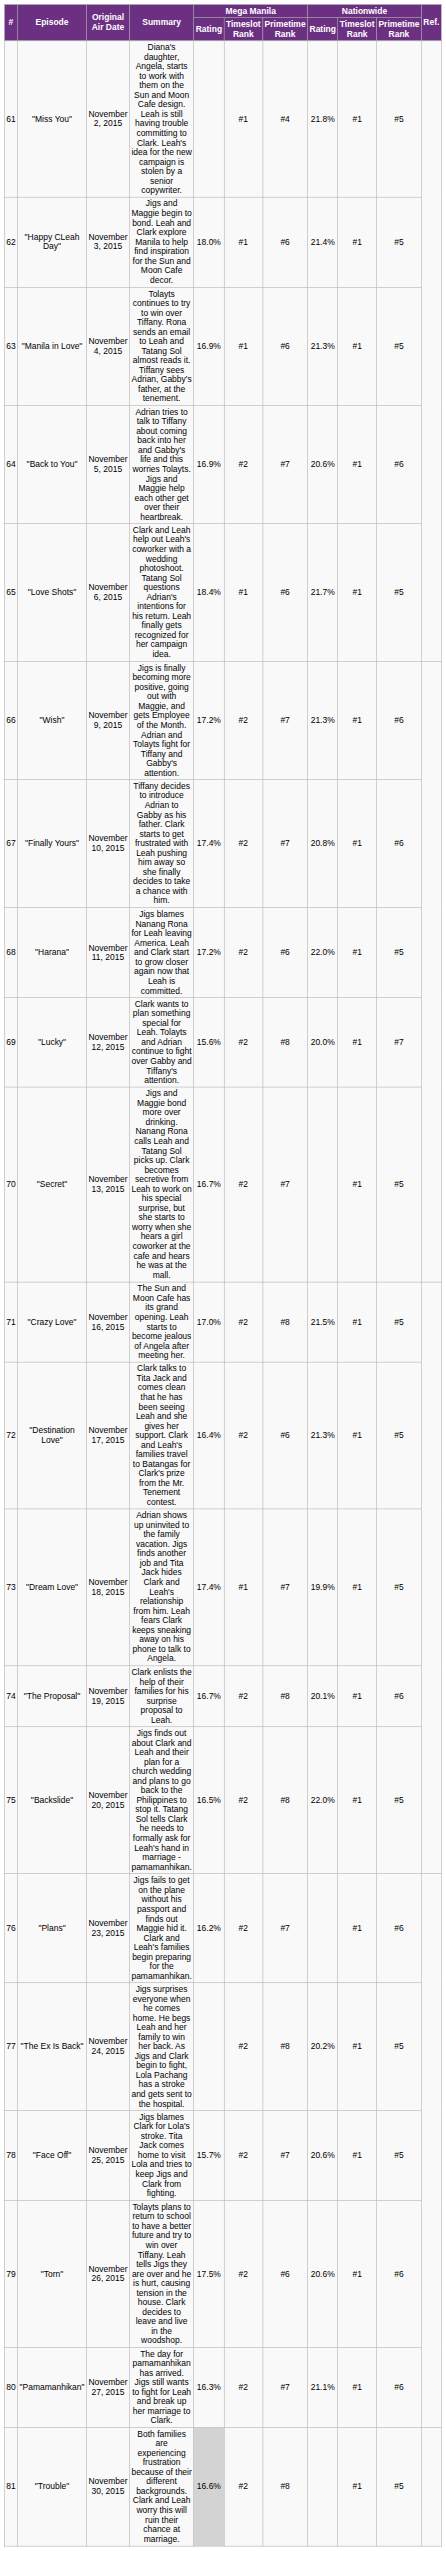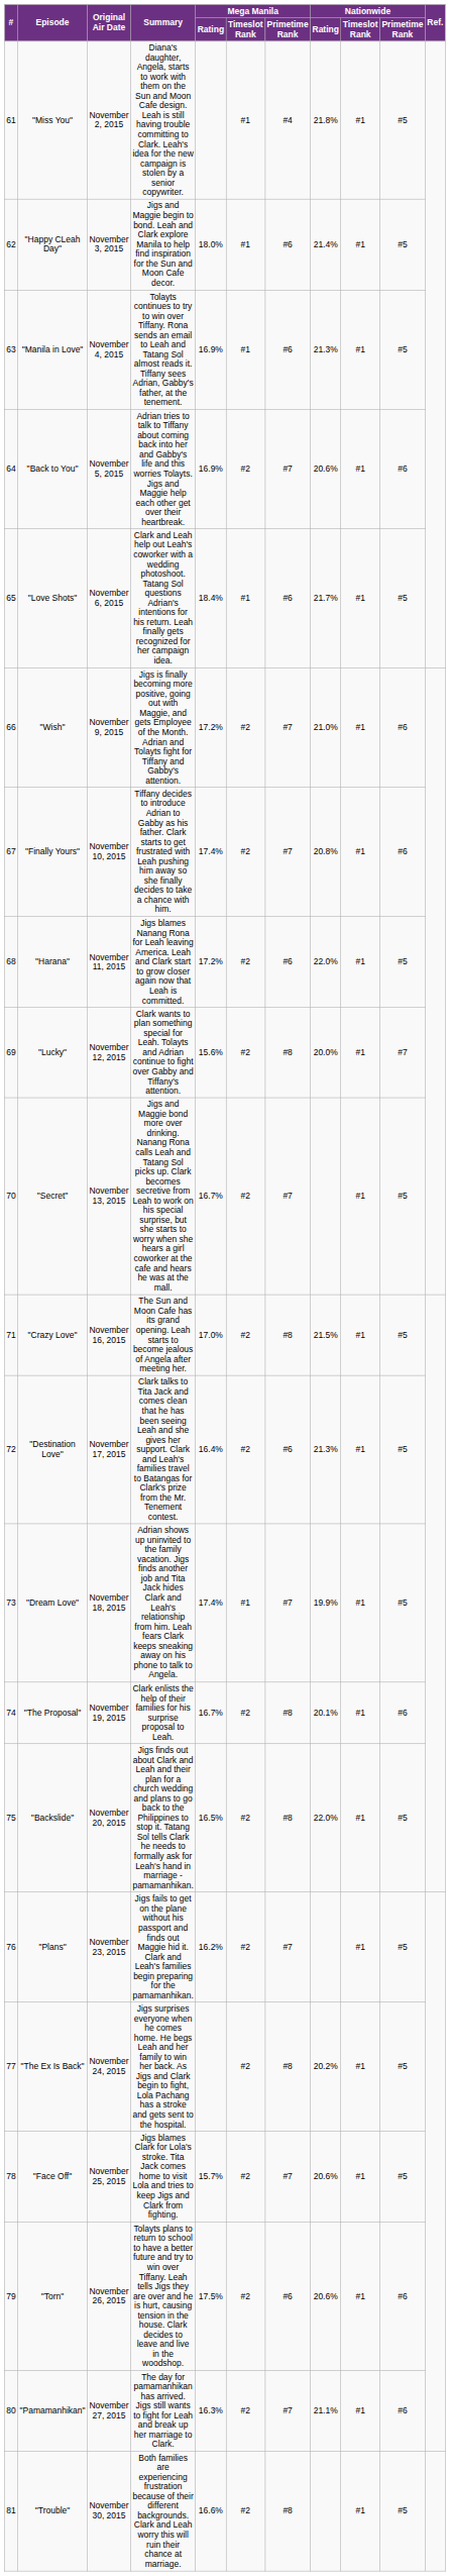 <table class="wikitable" style="text-align:center; font-size:100%; line-height:18px;"  width="100%">
 <tr>
 <th style="background-color:#6C3082; color:#ffffff;" rowspan="2">#</th>
 <th style="background-color:#6C3082; color:#ffffff;" rowspan="2">Episode</th>
 <th style="background-color:#6C3082; color:#ffffff;" rowspan="2" width="10%">Original Air Date</th>
 <th style="background-color:#6C3082; color:#ffffff;" rowspan="2" width="40%">Summary</th>
 <th style="background-color:#6C3082; color:#ffffff;" colspan="3">Mega Manila</th>
 <th style="background-color:#6C3082; color:#ffffff;" colspan="3">Nationwide</th>
 <th style="background-color:#6C3082; color:#ffffff;" rowspan="2">Ref.</th>
 </tr>
 <tr>
 <th style="background-color:#6C3082; color:#ffffff;">Rating</th>
 <th style="background-color:#6C3082; color:#ffffff;">Timeslot<br>Rank</th>
 <th style="background-color:#6C3082; color:#ffffff;">Primetime<br>Rank</th>
 <th style="background-color:#6C3082; color:#ffffff;">Rating</th>
 <th style="background-color:#6C3082; color:#ffffff;">Timeslot<br>Rank</th>
 <th style="background-color:#6C3082; color:#ffffff;">Primetime<br>Rank</th>
 </tr>
 <tr>
 <td>61</td>
 <td>"Miss You"</td>
 <td>November 2, 2015</td>
 <td>Diana's daughter, Angela, starts to work with them on the Sun and Moon Cafe design. Leah is still having trouble committing to Clark. Leah's idea for the new campaign is stolen by a senior copywriter.</td>
 <td></td>
 <td>#1</td>
 <td>#4</td>
 <td>21.8%</td>
 <td>#1</td>
 <td>#5</td>
 <td rowspan="5"><br><br></td>
 </tr>
 <tr>
 <td>62</td>
 <td>"Happy CLeah Day"</td>
 <td>November 3, 2015</td>
 <td>Jigs and Maggie begin to bond. Leah and Clark explore Manila to help find inspiration for the Sun and Moon Cafe decor.</td>
 <td>18.0%</td>
 <td>#1</td>
 <td>#6</td>
 <td>21.4%</td>
 <td>#1</td>
 <td>#5</td>
 </tr>
 <tr>
 <td>63</td>
 <td>"Manila in Love"</td>
 <td>November 4, 2015</td>
 <td>Tolayts continues to try to win over Tiffany. Rona sends an email to Leah and Tatang Sol almost reads it. Tiffany sees Adrian, Gabby's father, at the tenement.</td>
 <td>16.9%</td>
 <td>#1</td>
 <td>#6</td>
 <td>21.3%</td>
 <td>#1</td>
 <td>#5</td>
 </tr>
 <tr>
 <td>64</td>
 <td>"Back to You"</td>
 <td>November 5, 2015</td>
 <td>Adrian tries to talk to Tiffany about coming back into her and Gabby's life and this worries Tolayts. Jigs and Maggie help each other get over their heartbreak.</td>
 <td>16.9%</td>
 <td>#2</td>
 <td>#7</td>
 <td>20.6%</td>
 <td>#1</td>
 <td>#6</td>
 </tr>
 <tr>
 <td>65</td>
 <td>"Love Shots"</td>
 <td>November 6, 2015</td>
 <td>Clark and Leah help out Leah's coworker with a wedding photoshoot. Tatang Sol questions Adrian's intentions for his return. Leah finally gets recognized for her campaign idea.</td>
 <td>18.4%</td>
 <td>#1</td>
 <td>#6</td>
 <td>21.7%</td>
 <td>#1</td>
 <td>#5</td>
 </tr>
 <tr>
 <td>66</td>
 <td>"Wish"</td>
 <td>November 9, 2015</td>
 <td>Jigs is finally becoming more positive, going out with Maggie, and gets Employee of the Month. Adrian and Tolayts fight for Tiffany and Gabby's attention.</td>
 <td>17.2%</td>
 <td>#2</td>
 <td>#7</td>
-<td>21.3%</td>
+<td>21.0%</td>
 <td>#1</td>
 <td>#6</td>
 <td rowspan="5"><br><br></td>
 </tr>
 <tr>
 <td>67</td>
 <td>"Finally Yours"</td>
 <td>November 10, 2015</td>
 <td>Tiffany decides to introduce Adrian to Gabby as his father. Clark starts to get frustrated with Leah pushing him away so she finally decides to take a chance with him.</td>
 <td>17.4%</td>
 <td>#2</td>
 <td>#7</td>
 <td>20.8%</td>
 <td>#1</td>
 <td>#6</td>
 </tr>
 <tr>
 <td>68</td>
 <td>"Harana"</td>
 <td>November 11, 2015</td>
 <td>Jigs blames Nanang Rona for Leah leaving America. Leah and Clark start to grow closer again now that Leah is committed.</td>
 <td>17.2%</td>
 <td>#2</td>
 <td>#6</td>
 <td>22.0%</td>
 <td>#1</td>
 <td>#5</td>
 </tr>
 <tr>
 <td>69</td>
 <td>"Lucky"</td>
 <td>November 12, 2015</td>
 <td>Clark wants to plan something special for Leah. Tolayts and Adrian continue to fight over Gabby and Tiffany's attention.</td>
 <td>15.6%</td>
 <td>#2</td>
 <td>#8</td>
 <td>20.0%</td>
 <td>#1</td>
 <td>#7</td>
 </tr>
 <tr>
 <td>70</td>
 <td>"Secret"</td>
 <td>November 13, 2015</td>
 <td>Jigs and Maggie bond more over drinking. Nanang Rona calls Leah and Tatang Sol picks up. Clark becomes secretive from Leah to work on his special surprise, but she starts to worry when she hears a girl coworker at the cafe and hears he was at the mall.</td>
 <td>16.7%</td>
 <td>#2</td>
 <td>#7</td>
 <td></td>
 <td>#1</td>
 <td>#5</td>
 </tr>
 <tr>
 <td>71</td>
 <td>"Crazy Love"</td>
 <td>November 16, 2015</td>
 <td>The Sun and Moon Cafe has its grand opening. Leah starts to become jealous of Angela after meeting her.</td>
 <td>17.0%</td>
 <td>#2</td>
 <td>#8</td>
 <td>21.5%</td>
 <td>#1</td>
 <td>#5</td>
 <td rowspan="5"><br><br></td>
 </tr>
 <tr>
 <td>72</td>
 <td>"Destination Love"</td>
 <td>November 17, 2015</td>
 <td>Clark talks to Tita Jack and comes clean that he has been seeing Leah and she gives her support. Clark and Leah's families travel to Batangas for Clark's prize from the Mr. Tenement contest.</td>
 <td>16.4%</td>
 <td>#2</td>
 <td>#6</td>
 <td>21.3%</td>
 <td>#1</td>
 <td>#5</td>
 </tr>
 <tr>
 <td>73</td>
 <td>"Dream Love"</td>
 <td>November 18, 2015</td>
 <td>Adrian shows up uninvited to the family vacation. Jigs finds another job and Tita Jack hides Clark and Leah's relationship from him. Leah fears Clark keeps sneaking away on his phone to talk to Angela.</td>
 <td>17.4%</td>
 <td>#1</td>
 <td>#7</td>
 <td>19.9%</td>
 <td>#1</td>
 <td>#5</td>
 </tr>
 <tr>
 <td>74</td>
 <td>"The Proposal"</td>
 <td>November 19, 2015</td>
 <td>Clark enlists the help of their families for his surprise proposal to Leah.</td>
 <td>16.7%</td>
 <td>#2</td>
 <td>#8</td>
 <td>20.1%</td>
 <td>#1</td>
 <td>#6</td>
 </tr>
 <tr>
 <td>75</td>
 <td>"Backslide"</td>
 <td>November 20, 2015</td>
 <td>Jigs finds out about Clark and Leah and their plan for a church wedding and plans to go back to the Philippines to stop it. Tatang Sol tells Clark he needs to formally ask for Leah's hand in marriage - pamamanhikan.</td>
 <td>16.5%</td>
 <td>#2</td>
 <td>#8</td>
 <td>22.0%</td>
 <td>#1</td>
 <td>#5</td>
 </tr>
 <tr>
 <td>76</td>
 <td>"Plans"</td>
 <td>November 23, 2015</td>
 <td>Jigs fails to get on the plane without his passport and finds out Maggie hid it. Clark and Leah's families begin preparing for the pamamanhikan.</td>
 <td>16.2%</td>
 <td>#2</td>
 <td>#7</td>
 <td></td>
 <td>#1</td>
-<td>#6</td>
+<td>#5</td>
 <td rowspan="5"><br><br></td>
 </tr>
 <tr>
 <td>77</td>
 <td>"The Ex Is Back"</td>
 <td>November 24, 2015</td>
 <td>Jigs surprises everyone when he comes home. He begs Leah and her family to win her back. As Jigs and Clark begin to fight, Lola Pachang has a stroke and gets sent to the hospital.</td>
 <td></td>
 <td>#2</td>
 <td>#8</td>
 <td>20.2%</td>
 <td>#1</td>
 <td>#5</td>
 </tr>
 <tr>
 <td>78</td>
 <td>"Face Off"</td>
 <td>November 25, 2015</td>
 <td>Jigs blames Clark for Lola's stroke. Tita Jack comes home to visit Lola and tries to keep Jigs and Clark from fighting.</td>
 <td>15.7%</td>
 <td>#2</td>
 <td>#7</td>
 <td>20.6%</td>
 <td>#1</td>
 <td>#5</td>
 </tr>
 <tr>
 <td>79</td>
 <td>"Torn"</td>
 <td>November 26, 2015</td>
 <td>Tolayts plans to return to school to have a better future and try to win over Tiffany. Leah tells Jigs they are over and he is hurt, causing tension in the house. Clark decides to leave and live in the woodshop.</td>
 <td>17.5%</td>
 <td>#2</td>
 <td>#6</td>
 <td>20.6%</td>
 <td>#1</td>
 <td>#6</td>
 </tr>
 <tr>
 <td>80</td>
 <td>"Pamamanhikan"</td>
 <td>November 27, 2015</td>
 <td>The day for pamamanhikan has arrived. Jigs still wants to fight for Leah and break up her marriage to Clark.</td>
 <td>16.3%</td>
 <td>#2</td>
 <td>#7</td>
 <td>21.1%</td>
 <td>#1</td>
 <td>#6</td>
 </tr>
 <tr>
 <td>81</td>
 <td>"Trouble"</td>
 <td>November 30, 2015</td>
 <td>Both families are experiencing frustration because of their different backgrounds. Clark and Leah worry this will ruin their chance at marriage.</td>
-<td style="background: lightgrey;">16.6%</td>
+<td>16.6%</td>
 <td>#2</td>
 <td>#8</td>
 <td></td>
 <td>#1</td>
 <td>#5</td>
 <td rowspan="1"></td>
 </tr>
 </table>
